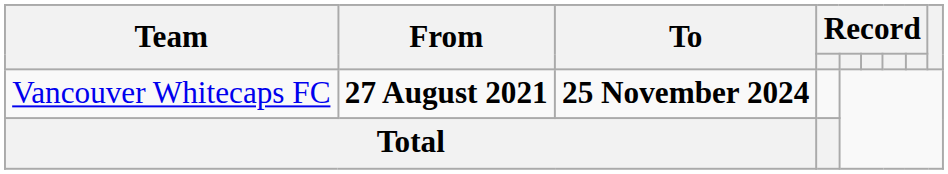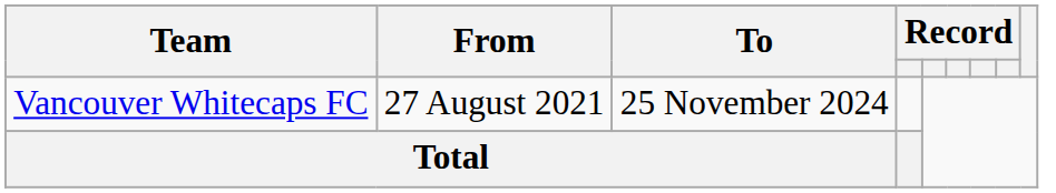 <table class=wikitable style=text-align:center>
 <tr>
 <th rowspan="2">Team</th>
 <th rowspan="2">From</th>
 <th rowspan="2">To</th>
 <th colspan="5">Record</th>
 <th rowspan="2"></th>
 </tr>
 <tr>
 <th></th>
 <th></th>
 <th></th>
 <th></th>
 <th></th>
 </tr>
 <tr>
 <td align=left><a href='#'>Vancouver Whitecaps FC</a></td>
-<td align=left><strong>27 August 2021</strong></td>
-<td align=left><strong>25 November 2024<br></strong></td>
+<td align=left>27 August 2021</td>
+<td align=left>25 November 2024<br></td>
 <td></td>
 </tr>
 <tr>
 <th colspan="3">Total<br></th>
 <th></th>
 </tr>
 </table>
